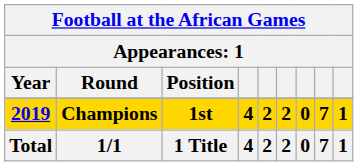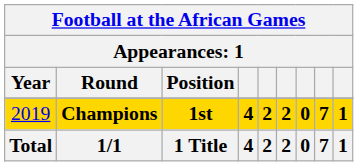 <table class="wikitable" style="text-align: center;">
 <tr>
 <th colspan=9><a href='#'>Football at the African Games</a></th>
 </tr>
 <tr>
 <th colspan=9>Appearances: 1</th>
 </tr>
 <tr>
 <th>Year</th>
 <th>Round</th>
 <th>Position</th>
 <th></th>
 <th></th>
 <th></th>
 <th></th>
 <th></th>
 <th></th>
 </tr>
 <tr>
 </tr>
 <tr bgcolor=Gold>
-<td><strong><a href='#'>2019</a></strong></td>
+<td><a href='#'>2019</a></td>
 <td><strong>Champions</strong></td>
 <td><strong>1st</strong></td>
 <td><strong>4</strong></td>
 <td><strong>2</strong></td>
 <td><strong>2</strong></td>
 <td><strong>0</strong></td>
 <td><strong>7</strong></td>
 <td><strong>1</strong></td>
 </tr>
 <tr>
 <th>Total</th>
 <th>1/1</th>
 <th>1 Title</th>
 <th>4</th>
 <th>2</th>
 <th>2</th>
 <th>0</th>
 <th>7</th>
 <th>1</th>
 </tr>
 </table>
